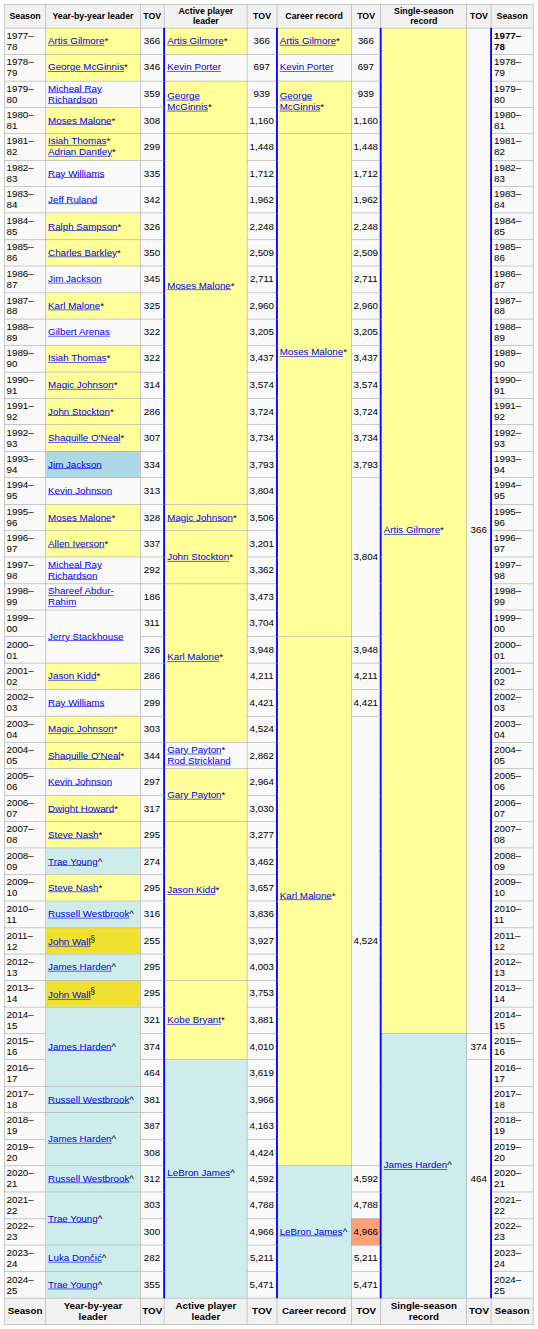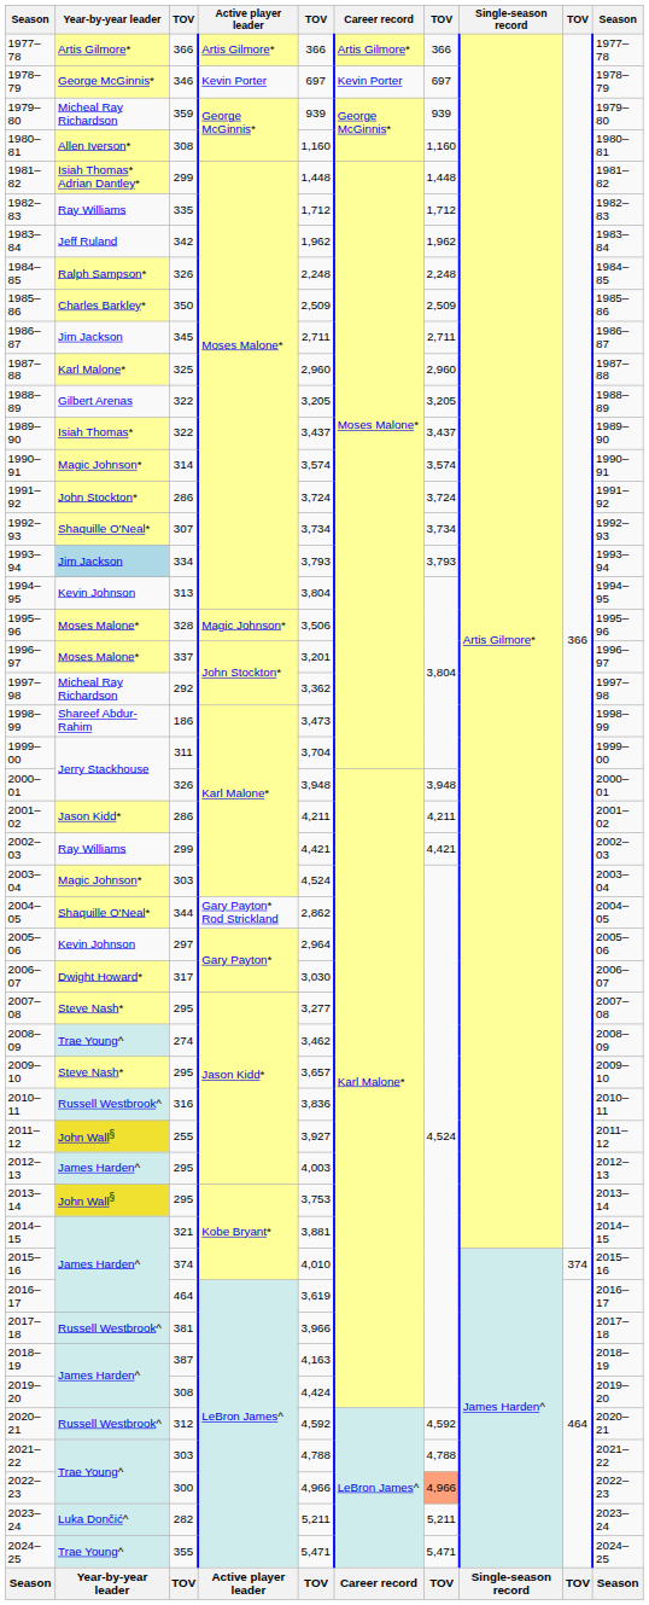 <table class="wikitable" style="font-size: 100%;">
 <tr style="font-size:90%;">
 <th>Season</th>
 <th>Year-by-year leader</th>
 <th>TOV</th>
 <th>Active player leader</th>
 <th>TOV</th>
 <th>Career record</th>
 <th>TOV</th>
 <th>Single-season record</th>
 <th>TOV</th>
 <th>Season</th>
 </tr>
 <tr>
 <td>1977–78</td>
 <td bgcolor="#FFFF99"><a href='#'>Artis Gilmore</a>*</td>
 <td align=center style="border-right: solid blue">366</td>
 <td bgcolor="#FFFF99"><a href='#'>Artis Gilmore</a>*</td>
 <td align=center style="border-right: solid blue">366</td>
 <td bgcolor="#FFFF99"><a href='#'>Artis Gilmore</a>*</td>
 <td align=center style="border-right: solid blue">366</td>
 <td bgcolor="#FFFF99" rowspan=38><a href='#'>Artis Gilmore</a>*</td>
 <td align=center style="border-right: solid blue" rowspan=38>366</td>
-<td><strong>1977–78</strong></td>
+<td>1977–78</td>
 </tr>
 <tr>
 <td>1978–79</td>
 <td bgcolor="#FFFF99"><a href='#'>George McGinnis</a>*</td>
 <td align=center style="border-right: solid blue">346</td>
 <td><a href='#'>Kevin Porter</a></td>
 <td align=center style="border-right: solid blue">697</td>
 <td><a href='#'>Kevin Porter</a></td>
 <td align=center style="border-right: solid blue">697</td>
 <td>1978–79</td>
 </tr>
 <tr>
 <td>1979–80</td>
 <td><a href='#'>Micheal Ray Richardson</a></td>
 <td align=center style="border-right: solid blue">359</td>
 <td bgcolor="#FFFF99" rowspan=2><a href='#'>George McGinnis</a>*<br><br></td>
 <td align=center style="border-right: solid blue">939</td>
 <td bgcolor="#FFFF99" rowspan=2><a href='#'>George McGinnis</a>*<br><br></td>
 <td align=center style="border-right: solid blue">939</td>
 <td>1979–80</td>
 </tr>
 <tr>
 <td>1980–81</td>
-<td bgcolor="#FFFF99"><a href='#'>Moses Malone</a>*</td>
+<td bgcolor="#FFFF99"><a href='#'>Allen Iverson</a>*</td>
 <td align=center style="border-right: solid blue">308</td>
 <td align=center style="border-right: solid blue">1,160</td>
 <td align=center style="border-right: solid blue">1,160</td>
 <td>1980–81</td>
 </tr>
 <tr>
 <td>1981–82</td>
 <td bgcolor="#FFFF99"><a href='#'>Isiah Thomas</a>*<br><a href='#'>Adrian Dantley</a>*</td>
 <td align=center style="border-right: solid blue">299</td>
 <td bgcolor="#FFFF99" rowspan=14><a href='#'>Moses Malone</a>*<br><br><br><br><br><br><br></td>
 <td align=center style="border-right: solid blue">1,448</td>
 <td bgcolor="#FFFF99" rowspan=19><a href='#'>Moses Malone</a>*<br><br><br><br><br><br><br></td>
 <td align=center style="border-right: solid blue">1,448</td>
 <td>1981–82</td>
 </tr>
 <tr>
 <td>1982–83</td>
 <td><a href='#'>Ray Williams</a></td>
 <td align=center style="border-right: solid blue">335</td>
 <td align=center style="border-right: solid blue">1,712</td>
 <td align=center style="border-right: solid blue">1,712</td>
 <td>1982–83</td>
 </tr>
 <tr>
 <td>1983–84</td>
 <td><a href='#'>Jeff Ruland</a></td>
 <td align=center style="border-right: solid blue">342</td>
 <td align=center style="border-right: solid blue">1,962</td>
 <td align=center style="border-right: solid blue">1,962</td>
 <td>1983–84</td>
 </tr>
 <tr>
 <td>1984–85</td>
 <td bgcolor="#FFFF99"><a href='#'>Ralph Sampson</a>*</td>
 <td align=center style="border-right: solid blue">326</td>
 <td align=center style="border-right: solid blue">2,248</td>
 <td align=center style="border-right: solid blue">2,248</td>
 <td>1984–85</td>
 </tr>
 <tr>
 <td>1985–86</td>
 <td bgcolor="#FFFF99"><a href='#'>Charles Barkley</a>*</td>
 <td align=center style="border-right: solid blue">350</td>
 <td align=center style="border-right: solid blue">2,509</td>
 <td align=center style="border-right: solid blue">2,509</td>
 <td>1985–86</td>
 </tr>
 <tr>
 <td>1986–87</td>
 <td><a href='#'>Jim Jackson</a></td>
 <td align=center style="border-right: solid blue">345</td>
 <td align=center style="border-right: solid blue">2,711</td>
 <td align=center style="border-right: solid blue">2,711</td>
 <td>1986–87</td>
 </tr>
 <tr>
 <td>1987–88</td>
 <td bgcolor="#FFFF99"><a href='#'>Karl Malone</a>*</td>
 <td align=center style="border-right: solid blue">325</td>
 <td align=center style="border-right: solid blue">2,960</td>
 <td align=center style="border-right: solid blue">2,960</td>
 <td>1987–88</td>
 </tr>
 <tr>
 <td>1988–89</td>
 <td><a href='#'>Gilbert Arenas</a></td>
 <td align=center style="border-right: solid blue">322</td>
 <td align=center style="border-right: solid blue">3,205</td>
 <td align=center style="border-right: solid blue">3,205</td>
 <td>1988–89</td>
 </tr>
 <tr>
 <td>1989–90</td>
 <td bgcolor="#FFFF99"><a href='#'>Isiah Thomas</a>*</td>
 <td align=center style="border-right: solid blue">322</td>
 <td align=center style="border-right: solid blue">3,437</td>
 <td align=center style="border-right: solid blue">3,437</td>
 <td>1989–90</td>
 </tr>
 <tr>
 <td>1990–91</td>
 <td bgcolor="#FFFF99"><a href='#'>Magic Johnson</a>*</td>
 <td align=center style="border-right: solid blue">314</td>
 <td align=center style="border-right: solid blue">3,574</td>
 <td align=center style="border-right: solid blue">3,574</td>
 <td>1990–91</td>
 </tr>
 <tr>
 <td>1991–92</td>
 <td bgcolor="#FFFF99"><a href='#'>John Stockton</a>*</td>
 <td align=center style="border-right: solid blue">286</td>
 <td align=center style="border-right: solid blue">3,724</td>
 <td align=center style="border-right: solid blue">3,724</td>
 <td>1991–92</td>
 </tr>
 <tr>
 <td>1992–93</td>
 <td bgcolor="#FFFF99"><a href='#'>Shaquille O'Neal</a>*</td>
 <td align=center style="border-right: solid blue">307</td>
 <td align=center style="border-right: solid blue">3,734</td>
 <td align=center style="border-right: solid blue">3,734</td>
 <td>1992–93</td>
 </tr>
 <tr>
 <td>1993–94</td>
 <td style="background: lightblue;"><a href='#'>Jim Jackson</a></td>
 <td align=center style="border-right: solid blue">334</td>
 <td align=center style="border-right: solid blue">3,793</td>
 <td align=center style="border-right: solid blue">3,793</td>
 <td>1993–94</td>
 </tr>
 <tr>
 <td>1994–95</td>
 <td><a href='#'>Kevin Johnson</a></td>
 <td align=center style="border-right: solid blue">313</td>
 <td align=center style="border-right: solid blue">3,804</td>
 <td rowspan=6 align=center style="border-right: solid blue">3,804</td>
 <td>1994–95</td>
 </tr>
 <tr>
 <td>1995–96</td>
 <td bgcolor="#FFFF99"><a href='#'>Moses Malone</a>*</td>
 <td align=center style="border-right: solid blue">328</td>
 <td bgcolor="#FFFF99"><a href='#'>Magic Johnson</a>*</td>
 <td align=center style="border-right: solid blue">3,506</td>
 <td>1995–96</td>
 </tr>
 <tr>
 <td>1996–97</td>
-<td bgcolor="#FFFF99"><a href='#'>Allen Iverson</a>*</td>
+<td bgcolor="#FFFF99"><a href='#'>Moses Malone</a>*</td>
 <td align=center style="border-right: solid blue">337</td>
 <td rowspan=2 bgcolor="#FFFF99"><a href='#'>John Stockton</a>*</td>
 <td align=center style="border-right: solid blue">3,201</td>
 <td>1996–97</td>
 </tr>
 <tr>
 <td>1997–98</td>
 <td><a href='#'>Micheal Ray Richardson</a></td>
 <td align=center style="border-right: solid blue">292</td>
 <td align=center style="border-right: solid blue">3,362</td>
 <td>1997–98</td>
 </tr>
 <tr>
 <td>1998–99</td>
 <td><a href='#'>Shareef Abdur-Rahim</a></td>
 <td align=center style="border-right: solid blue">186</td>
 <td rowspan=6 bgcolor="#FFFF99"><a href='#'>Karl Malone</a>*<br><br></td>
 <td align=center style="border-right: solid blue">3,473</td>
 <td>1998–99</td>
 </tr>
 <tr>
 <td>1999–00</td>
 <td rowspan=2><a href='#'>Jerry Stackhouse</a></td>
 <td align=center style="border-right: solid blue">311</td>
 <td align=center style="border-right: solid blue">3,704</td>
 <td>1999–00</td>
 </tr>
 <tr>
 <td>2000–01</td>
 <td align=center style="border-right: solid blue">326</td>
 <td align=center style="border-right: solid blue">3,948</td>
 <td rowspan=20 bgcolor="#FFFF99"><a href='#'>Karl Malone</a>*<br><br></td>
 <td align=center style="border-right: solid blue">3,948</td>
 <td>2000–01</td>
 </tr>
 <tr>
 <td>2001–02</td>
 <td bgcolor="#FFFF99"><a href='#'>Jason Kidd</a>*</td>
 <td align=center style="border-right: solid blue">286</td>
 <td align=center style="border-right: solid blue">4,211</td>
 <td align=center style="border-right: solid blue">4,211</td>
 <td>2001–02</td>
 </tr>
 <tr>
 <td>2002–03</td>
 <td><a href='#'>Ray Williams</a></td>
 <td align=center style="border-right: solid blue">299</td>
 <td align=center style="border-right: solid blue">4,421</td>
 <td align=center style="border-right: solid blue">4,421</td>
 <td>2002–03</td>
 </tr>
 <tr>
 <td>2003–04</td>
 <td bgcolor="#FFFF99"><a href='#'>Magic Johnson</a>*</td>
 <td align=center style="border-right: solid blue">303</td>
 <td align=center style="border-right: solid blue">4,524</td>
 <td align=center style="border-right: solid blue" rowspan=17>4,524</td>
 <td>2003–04</td>
 </tr>
 <tr>
 <td>2004–05</td>
 <td bgcolor="#FFFF99"><a href='#'>Shaquille O'Neal</a>*</td>
 <td align=center style="border-right: solid blue">344</td>
 <td><div><a href='#'>Gary Payton</a>*</div><a href='#'>Rod Strickland</a></td>
 <td align=center style="border-right: solid blue">2,862</td>
 <td>2004–05</td>
 </tr>
 <tr>
 <td>2005–06</td>
 <td><a href='#'>Kevin Johnson</a></td>
 <td align=center style="border-right: solid blue">297</td>
 <td rowspan=2 bgcolor="#FFFF99"><a href='#'>Gary Payton</a>*</td>
 <td align=center style="border-right: solid blue">2,964</td>
 <td>2005–06</td>
 </tr>
 <tr>
 <td>2006–07</td>
 <td bgcolor="#FFFF99"><a href='#'>Dwight Howard</a>*</td>
 <td align=center style="border-right: solid blue">317</td>
 <td align=center style="border-right: solid blue">3,030</td>
 <td>2006–07</td>
 </tr>
 <tr>
 <td>2007–08</td>
 <td bgcolor="#FFFF99"><a href='#'>Steve Nash</a>*</td>
 <td align=center style="border-right: solid blue">295</td>
 <td rowspan=6 bgcolor="#FFFF99"><a href='#'>Jason Kidd</a>*<br><br><br></td>
 <td align=center style="border-right: solid blue">3,277</td>
 <td>2007–08</td>
 </tr>
 <tr>
 <td>2008–09</td>
 <td bgcolor="#CFECEC"><a href='#'>Trae Young</a>^</td>
 <td align=center style="border-right: solid blue">274</td>
 <td align=center style="border-right: solid blue">3,462</td>
 <td>2008–09</td>
 </tr>
 <tr>
 <td>2009–10</td>
 <td bgcolor="#FFFF99"><a href='#'>Steve Nash</a>*</td>
 <td align=center style="border-right: solid blue">295</td>
 <td align=center style="border-right: solid blue">3,657</td>
 <td>2009–10</td>
 </tr>
 <tr>
 <td>2010–11</td>
 <td bgcolor="#CFECEC"><a href='#'>Russell Westbrook</a>^</td>
 <td align=center style="border-right: solid blue">316</td>
 <td align=center style="border-right: solid blue">3,836</td>
 <td>2010–11</td>
 </tr>
 <tr>
 <td>2011–12</td>
 <td bgcolor="#F0E130"><a href='#'>John Wall</a><sup>§</sup></td>
 <td align=center style="border-right: solid blue">255</td>
 <td align=center style="border-right: solid blue">3,927</td>
 <td>2011–12</td>
 </tr>
 <tr>
 <td>2012–13</td>
 <td bgcolor="#CFECEC"><a href='#'>James Harden</a>^</td>
 <td align=center style="border-right: solid blue">295</td>
 <td align=center style="border-right: solid blue">4,003</td>
 <td>2012–13</td>
 </tr>
 <tr>
 <td>2013–14</td>
 <td bgcolor="#F0E130"><a href='#'>John Wall</a><sup>§</sup></td>
 <td align=center style="border-right: solid blue">295</td>
 <td bgcolor="#FFFF99" rowspan=3><a href='#'>Kobe Bryant</a>*</td>
 <td align=center style="border-right: solid blue">3,753</td>
 <td>2013–14</td>
 </tr>
 <tr>
 <td>2014–15</td>
 <td rowspan=3 bgcolor="#CFECEC"><a href='#'>James Harden</a>^</td>
 <td align=center style="border-right: solid blue">321</td>
 <td align=center style="border-right: solid blue">3,881</td>
 <td>2014–15</td>
 </tr>
 <tr>
 <td>2015–16</td>
 <td align=center style="border-right: solid blue">374</td>
 <td align=center style="border-right: solid blue">4,010</td>
 <td rowspan=10 bgcolor="#CFECEC"><a href='#'>James Harden</a>^</td>
 <td align=center style="border-right: solid blue">374</td>
 <td>2015–16</td>
 </tr>
 <tr>
 <td>2016–17</td>
 <td align=center style="border-right: solid blue">464</td>
 <td bgcolor="#CFECEC" rowspan=9><a href='#'>LeBron James</a>^<br><br></td>
 <td align=center style="border-right: solid blue">3,619</td>
 <td align=center style="border-right: solid blue" rowspan=9>464</td>
 <td>2016–17</td>
 </tr>
 <tr>
 <td>2017–18</td>
 <td bgcolor="#CFECEC"><a href='#'>Russell Westbrook</a>^</td>
 <td align=center style="border-right: solid blue">381</td>
 <td align=center style="border-right: solid blue">3,966</td>
 <td>2017–18</td>
 </tr>
 <tr>
 <td>2018–19</td>
 <td rowspan=2 bgcolor="#CFECEC"><a href='#'>James Harden</a>^</td>
 <td align=center style="border-right: solid blue">387</td>
 <td align=center style="border-right: solid blue">4,163</td>
 <td>2018–19</td>
 </tr>
 <tr>
 <td>2019–20</td>
 <td align=center style="border-right: solid blue">308</td>
 <td align=center style="border-right: solid blue">4,424</td>
 <td>2019–20</td>
 </tr>
 <tr>
 <td>2020–21</td>
 <td bgcolor="#CFECEC"><a href='#'>Russell Westbrook</a>^</td>
 <td align=center style="border-right: solid blue">312</td>
 <td align=center style="border-right: solid blue">4,592</td>
 <td rowspan=5 bgcolor="#CFECEC"><a href='#'>LeBron James</a>^</td>
 <td align=center style="border-right: solid blue">4,592</td>
 <td>2020–21</td>
 </tr>
 <tr>
 <td>2021–22</td>
 <td bgcolor="#CFECEC" rowspan=2><a href='#'>Trae Young</a>^</td>
 <td align=center style="border-right: solid blue">303</td>
 <td align=center style="border-right: solid blue">4,788</td>
 <td align=center style="border-right: solid blue">4,788</td>
 <td>2021–22</td>
 </tr>
 <tr>
 <td>2022–23</td>
 <td align=center style="border-right: solid blue">300</td>
 <td align=center style="border-right: solid blue">4,966</td>
 <td align=center style="background: lightsalmon; border-right: solid blue">4,966</td>
 <td>2022–23</td>
 </tr>
 <tr>
 <td>2023–24</td>
 <td bgcolor="#CFECEC"><a href='#'>Luka Dončić</a>^</td>
 <td align=center style="border-right: solid blue">282</td>
 <td align=center style="border-right: solid blue">5,211</td>
 <td align=center style="border-right: solid blue">5,211</td>
 <td>2023–24</td>
 </tr>
 <tr>
 <td>2024–25</td>
 <td bgcolor="#CFECEC"><a href='#'>Trae Young</a>^</td>
 <td align=center style="border-right: solid blue">355</td>
 <td align=center style="border-right: solid blue">5,471</td>
 <td align=center style="border-right: solid blue">5,471</td>
 <td>2024–25</td>
 </tr>
 <tr>
 <th>Season</th>
 <th>Year-by-year leader</th>
 <th>TOV</th>
 <th>Active player leader</th>
 <th>TOV</th>
 <th>Career record</th>
 <th>TOV</th>
 <th>Single-season record</th>
 <th>TOV</th>
 <th>Season</th>
 </tr>
 </table>
